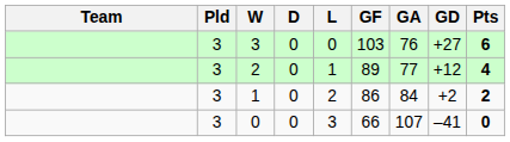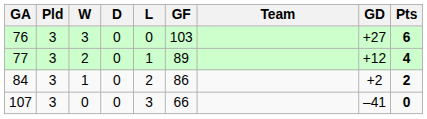 <table class="wikitable" style="text-align: center;">
 <tr>
-<th width="180">Team</th>
+<th width="30">GA</th>
 <th width="30">Pld</th>
 <th width="30">W</th>
 <th width="30">D</th>
 <th width="30">L</th>
 <th width="30">GF</th>
-<th width="30">GA</th>
+<th width="180">Team</th>
 <th width="30">GD</th>
 <th width="30">Pts</th>
 </tr>
 <tr bgcolor=#ccffcc>
-<td align="left"></td>
+<td>76</td>
 <td>3</td>
 <td>3</td>
 <td>0</td>
 <td>0</td>
 <td>103</td>
-<td>76</td>
+<td align="left"></td>
 <td>+27</td>
 <td><strong>6</strong></td>
 </tr>
 <tr bgcolor=#ccffcc>
-<td align="left"></td>
+<td>77</td>
 <td>3</td>
 <td>2</td>
 <td>0</td>
 <td>1</td>
 <td>89</td>
-<td>77</td>
+<td align="left"></td>
 <td>+12</td>
 <td><strong>4</strong></td>
 </tr>
 <tr>
-<td align="left"></td>
+<td>84</td>
 <td>3</td>
 <td>1</td>
 <td>0</td>
 <td>2</td>
 <td>86</td>
-<td>84</td>
+<td align="left"></td>
 <td>+2</td>
 <td><strong>2</strong></td>
 </tr>
 <tr>
-<td align="left"></td>
+<td>107</td>
 <td>3</td>
 <td>0</td>
 <td>0</td>
 <td>3</td>
 <td>66</td>
-<td>107</td>
+<td align="left"></td>
 <td>–41</td>
 <td><strong>0</strong></td>
 </tr>
 </table>
